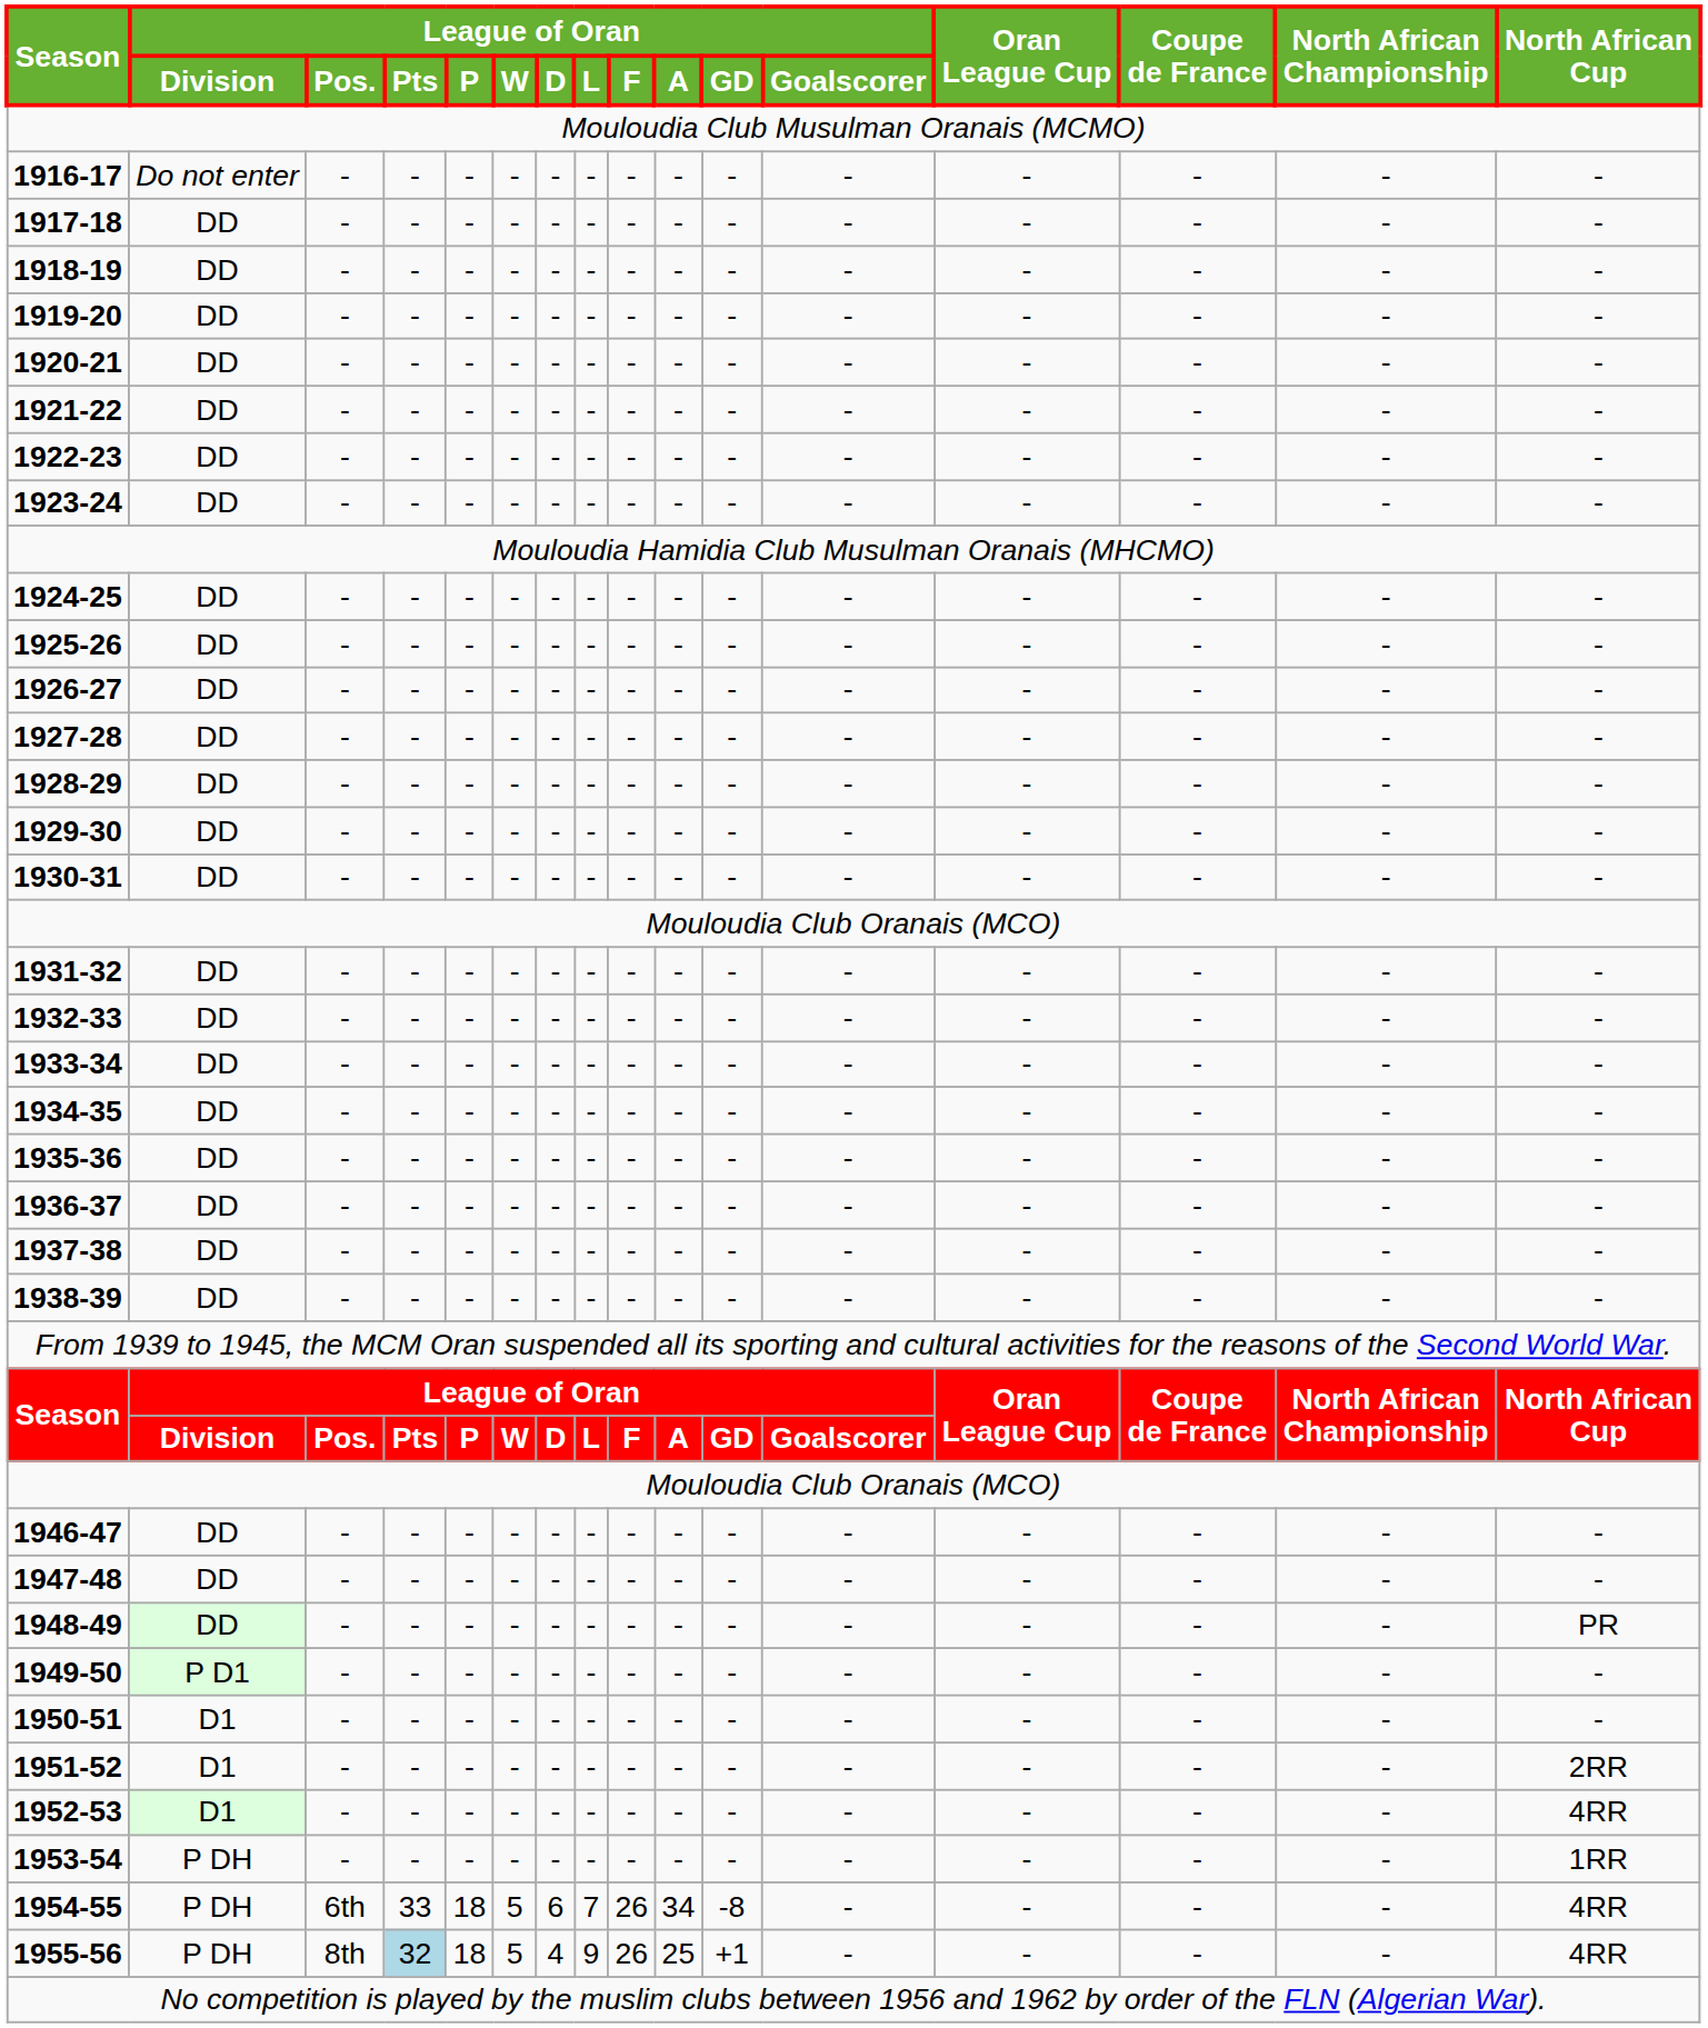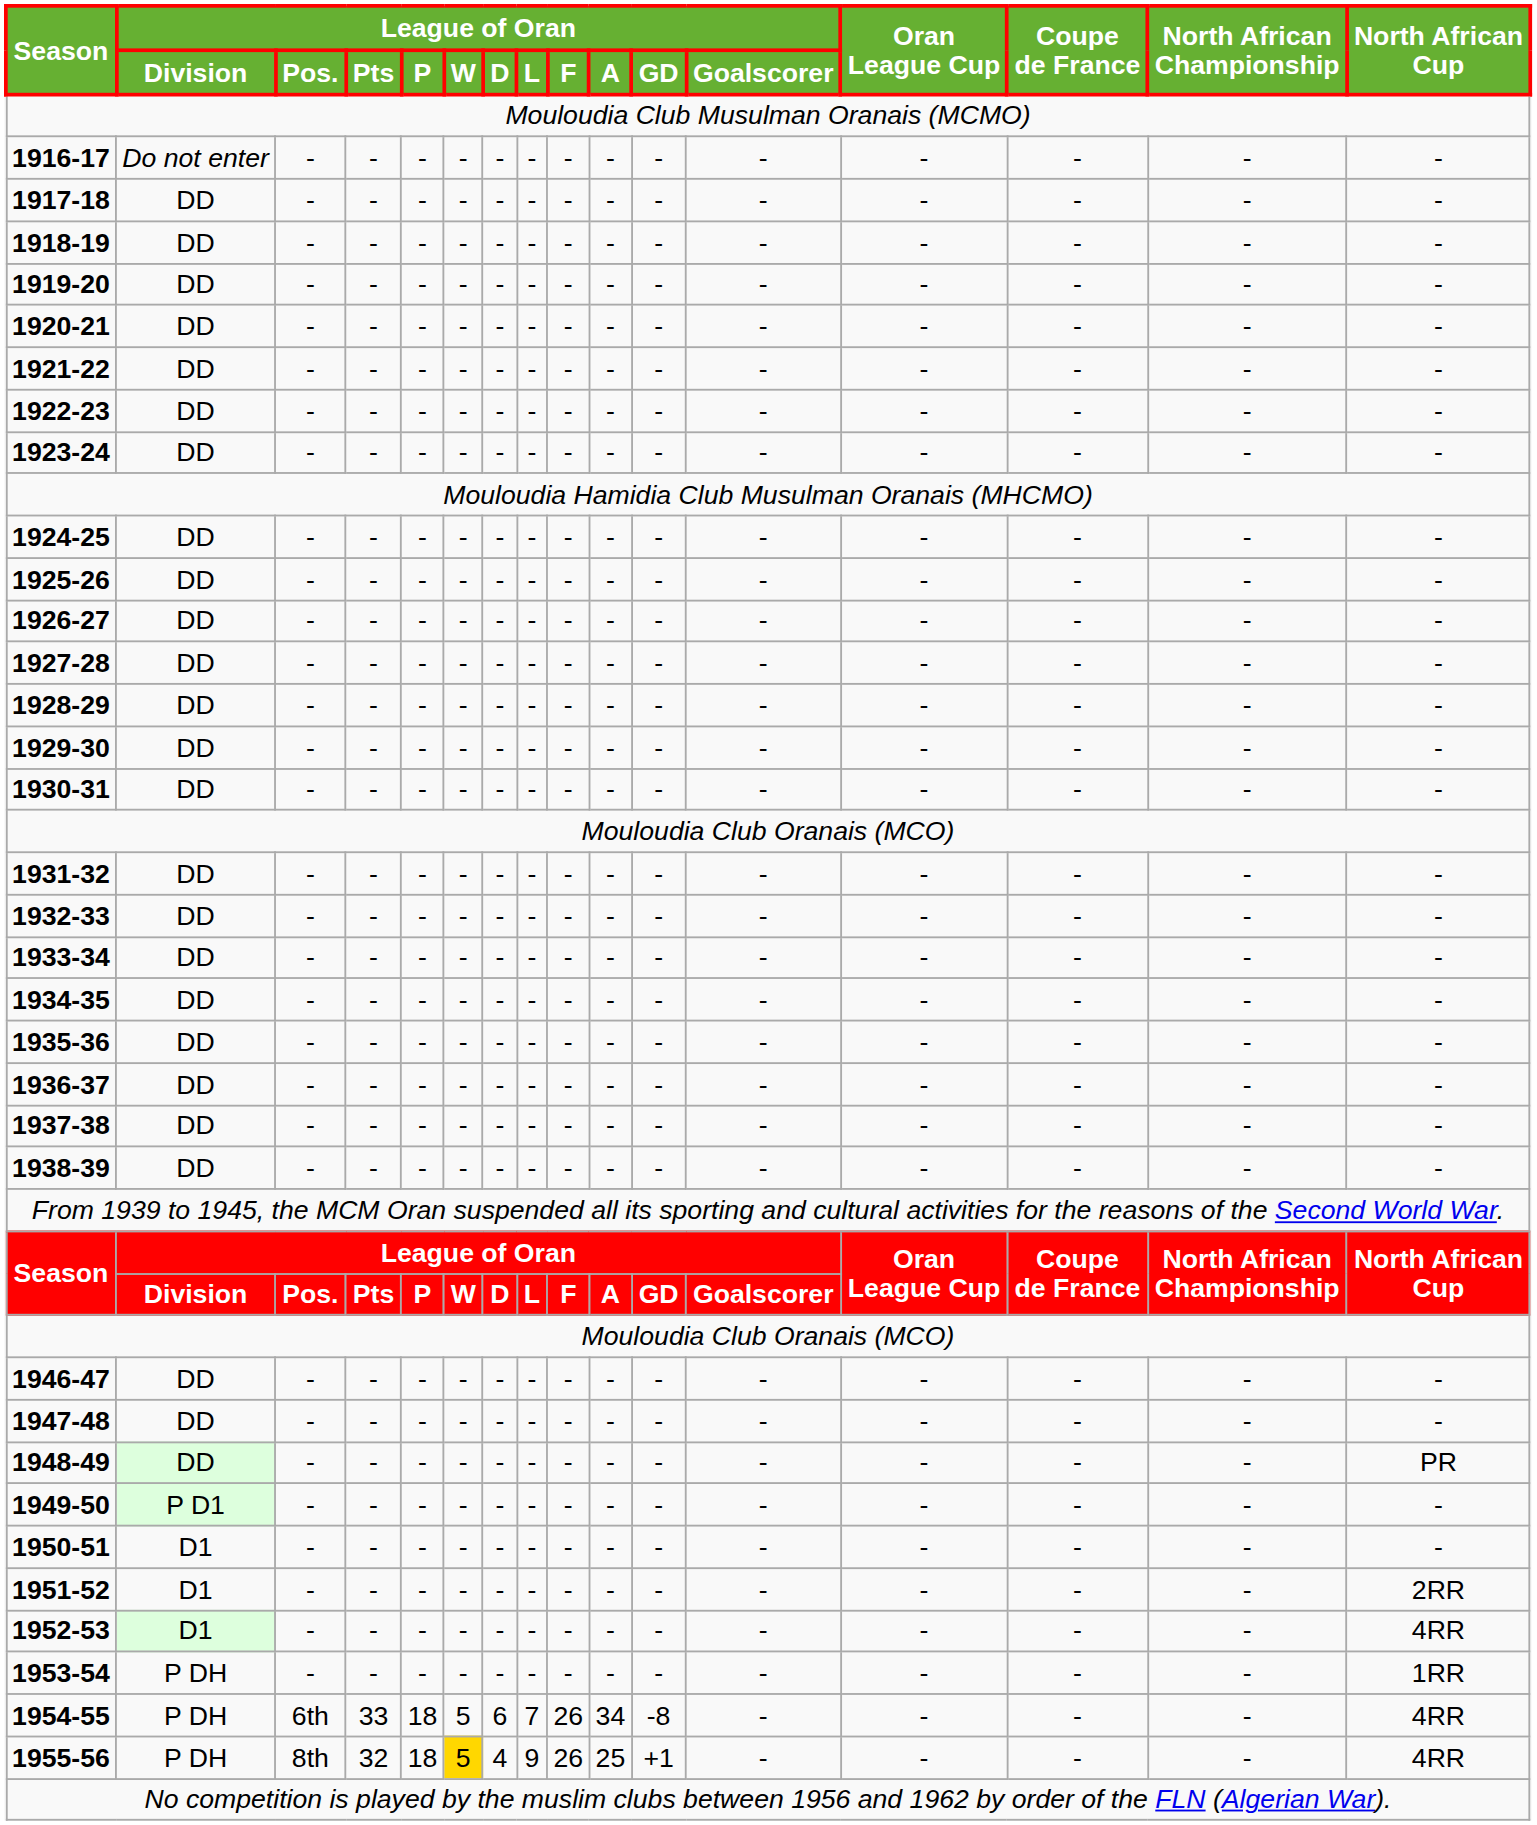 <table class="wikitable center" style="font-size:90%; text-align: center">
 <tr>
 <th rowspan=2 style="border:#FF0000 2px solid; background:#66B032; color:white;">Season</th>
 <th colspan=11 style="border:#FF0000 2px solid; background:#66B032; color:white;">League of Oran</th>
 <th rowspan=2 style="border:#FF0000 2px solid; background:#66B032; color:white;">Oran<br>League Cup</th>
 <th rowspan=2 style="border:#FF0000 2px solid; background:#66B032; color:white;">Coupe<br>de France</th>
 <th rowspan=2 style="border:#FF0000 2px solid; background:#66B032; color:white;">North African<br>Championship</th>
 <th rowspan=2 style="border:#FF0000 2px solid; background:#66B032; color:white;">North African<br>Cup</th>
 </tr>
 <tr>
 <th style="border:#FF0000 2px solid; background:#66B032; color:white;">Division</th>
 <th style="border:#FF0000 2px solid; background:#66B032; color:white;">Pos.</th>
 <th style="border:#FF0000 2px solid; background:#66B032; color:white;">Pts</th>
 <th style="border:#FF0000 2px solid; background:#66B032; color:white;">P</th>
 <th style="border:#FF0000 2px solid; background:#66B032; color:white;">W</th>
 <th style="border:#FF0000 2px solid; background:#66B032; color:white;">D</th>
 <th style="border:#FF0000 2px solid; background:#66B032; color:white;">L</th>
 <th style="border:#FF0000 2px solid; background:#66B032; color:white;">F</th>
 <th style="border:#FF0000 2px solid; background:#66B032; color:white;">A</th>
 <th style="border:#FF0000 2px solid; background:#66B032; color:white;">GD</th>
 <th style="border:#FF0000 2px solid; background:#66B032; color:white;">Goalscorer</th>
 </tr>
 <tr>
 <td colspan=16><em>Mouloudia Club Musulman Oranais (MCMO)</em></td>
 </tr>
 <tr>
 <td><strong>1916-17</strong></td>
 <td><em>Do not enter</em> </td>
 <td>-</td>
 <td>-</td>
 <td>-</td>
 <td>-</td>
 <td>-</td>
 <td>-</td>
 <td>-</td>
 <td>-</td>
 <td>-</td>
 <td>-</td>
 <td>-</td>
 <td>-</td>
 <td>-</td>
 <td>-</td>
 </tr>
 <tr>
 <td><strong>1917-18</strong></td>
 <td>DD </td>
 <td>-</td>
 <td>-</td>
 <td>-</td>
 <td>-</td>
 <td>-</td>
 <td>-</td>
 <td>-</td>
 <td>-</td>
 <td>-</td>
 <td>-</td>
 <td>-</td>
 <td>-</td>
 <td>-</td>
 <td>-</td>
 </tr>
 <tr>
 <td><strong>1918-19</strong></td>
 <td>DD </td>
 <td>-</td>
 <td>-</td>
 <td>-</td>
 <td>-</td>
 <td>-</td>
 <td>-</td>
 <td>-</td>
 <td>-</td>
 <td>-</td>
 <td>-</td>
 <td>-</td>
 <td>-</td>
 <td>-</td>
 <td>-</td>
 </tr>
 <tr>
 <td><strong>1919-20</strong></td>
 <td>DD </td>
 <td>-</td>
 <td>-</td>
 <td>-</td>
 <td>-</td>
 <td>-</td>
 <td>-</td>
 <td>-</td>
 <td>-</td>
 <td>-</td>
 <td>-</td>
 <td>-</td>
 <td>-</td>
 <td>-</td>
 <td>-</td>
 </tr>
 <tr>
 <td><strong>1920-21</strong></td>
 <td>DD </td>
 <td>-</td>
 <td>-</td>
 <td>-</td>
 <td>-</td>
 <td>-</td>
 <td>-</td>
 <td>-</td>
 <td>-</td>
 <td>-</td>
 <td>-</td>
 <td>-</td>
 <td>-</td>
 <td>-</td>
 <td>-</td>
 </tr>
 <tr>
 <td><strong>1921-22</strong></td>
 <td>DD </td>
 <td>-</td>
 <td>-</td>
 <td>-</td>
 <td>-</td>
 <td>-</td>
 <td>-</td>
 <td>-</td>
 <td>-</td>
 <td>-</td>
 <td>-</td>
 <td>-</td>
 <td>-</td>
 <td>-</td>
 <td>-</td>
 </tr>
 <tr>
 <td><strong>1922-23</strong></td>
 <td>DD </td>
 <td>-</td>
 <td>-</td>
 <td>-</td>
 <td>-</td>
 <td>-</td>
 <td>-</td>
 <td>-</td>
 <td>-</td>
 <td>-</td>
 <td>-</td>
 <td>-</td>
 <td>-</td>
 <td>-</td>
 <td>-</td>
 </tr>
 <tr>
 <td><strong>1923-24</strong></td>
 <td>DD </td>
 <td>-</td>
 <td>-</td>
 <td>-</td>
 <td>-</td>
 <td>-</td>
 <td>-</td>
 <td>-</td>
 <td>-</td>
 <td>-</td>
 <td>-</td>
 <td>-</td>
 <td>-</td>
 <td>-</td>
 <td>-</td>
 </tr>
 <tr>
 <td colspan=16><em>Mouloudia Hamidia Club Musulman Oranais (MHCMO)</em></td>
 </tr>
 <tr>
 <td><strong>1924-25</strong></td>
 <td>DD </td>
 <td>-</td>
 <td>-</td>
 <td>-</td>
 <td>-</td>
 <td>-</td>
 <td>-</td>
 <td>-</td>
 <td>-</td>
 <td>-</td>
 <td>-</td>
 <td>-</td>
 <td>-</td>
 <td>-</td>
 <td>-</td>
 </tr>
 <tr>
 <td><strong>1925-26</strong></td>
 <td>DD </td>
 <td>-</td>
 <td>-</td>
 <td>-</td>
 <td>-</td>
 <td>-</td>
 <td>-</td>
 <td>-</td>
 <td>-</td>
 <td>-</td>
 <td>-</td>
 <td>-</td>
 <td>-</td>
 <td>-</td>
 <td>-</td>
 </tr>
 <tr>
 <td><strong>1926-27</strong></td>
 <td>DD </td>
 <td>-</td>
 <td>-</td>
 <td>-</td>
 <td>-</td>
 <td>-</td>
 <td>-</td>
 <td>-</td>
 <td>-</td>
 <td>-</td>
 <td>-</td>
 <td>-</td>
 <td>-</td>
 <td>-</td>
 <td>-</td>
 </tr>
 <tr>
 <td><strong>1927-28</strong></td>
 <td>DD </td>
 <td>-</td>
 <td>-</td>
 <td>-</td>
 <td>-</td>
 <td>-</td>
 <td>-</td>
 <td>-</td>
 <td>-</td>
 <td>-</td>
 <td>-</td>
 <td>-</td>
 <td>-</td>
 <td>-</td>
 <td>-</td>
 </tr>
 <tr>
 <td><strong>1928-29</strong></td>
 <td>DD </td>
 <td>-</td>
 <td>-</td>
 <td>-</td>
 <td>-</td>
 <td>-</td>
 <td>-</td>
 <td>-</td>
 <td>-</td>
 <td>-</td>
 <td>-</td>
 <td>-</td>
 <td>-</td>
 <td>-</td>
 <td>-</td>
 </tr>
 <tr>
 <td><strong>1929-30</strong></td>
 <td>DD </td>
 <td>-</td>
 <td>-</td>
 <td>-</td>
 <td>-</td>
 <td>-</td>
 <td>-</td>
 <td>-</td>
 <td>-</td>
 <td>-</td>
 <td>-</td>
 <td>-</td>
 <td>-</td>
 <td>-</td>
 <td>-</td>
 </tr>
 <tr>
 <td><strong>1930-31</strong></td>
 <td>DD </td>
 <td>-</td>
 <td>-</td>
 <td>-</td>
 <td>-</td>
 <td>-</td>
 <td>-</td>
 <td>-</td>
 <td>-</td>
 <td>-</td>
 <td>-</td>
 <td>-</td>
 <td>-</td>
 <td>-</td>
 <td>-</td>
 </tr>
 <tr>
 <td colspan=16><em>Mouloudia Club Oranais (MCO)</em></td>
 </tr>
 <tr>
 <td><strong>1931-32</strong></td>
 <td>DD </td>
 <td>-</td>
 <td>-</td>
 <td>-</td>
 <td>-</td>
 <td>-</td>
 <td>-</td>
 <td>-</td>
 <td>-</td>
 <td>-</td>
 <td>-</td>
 <td>-</td>
 <td>-</td>
 <td>-</td>
 <td>-</td>
 </tr>
 <tr>
 <td><strong>1932-33</strong></td>
 <td>DD </td>
 <td>-</td>
 <td>-</td>
 <td>-</td>
 <td>-</td>
 <td>-</td>
 <td>-</td>
 <td>-</td>
 <td>-</td>
 <td>-</td>
 <td>-</td>
 <td>-</td>
 <td>-</td>
 <td>-</td>
 <td>-</td>
 </tr>
 <tr>
 <td><strong>1933-34</strong></td>
 <td>DD </td>
 <td>-</td>
 <td>-</td>
 <td>-</td>
 <td>-</td>
 <td>-</td>
 <td>-</td>
 <td>-</td>
 <td>-</td>
 <td>-</td>
 <td>-</td>
 <td>-</td>
 <td>-</td>
 <td>-</td>
 <td>-</td>
 </tr>
 <tr>
 <td><strong>1934-35</strong></td>
 <td>DD </td>
 <td>-</td>
 <td>-</td>
 <td>-</td>
 <td>-</td>
 <td>-</td>
 <td>-</td>
 <td>-</td>
 <td>-</td>
 <td>-</td>
 <td>-</td>
 <td>-</td>
 <td>-</td>
 <td>-</td>
 <td>-</td>
 </tr>
 <tr>
 <td><strong>1935-36</strong></td>
 <td>DD </td>
 <td>-</td>
 <td>-</td>
 <td>-</td>
 <td>-</td>
 <td>-</td>
 <td>-</td>
 <td>-</td>
 <td>-</td>
 <td>-</td>
 <td>-</td>
 <td>-</td>
 <td>-</td>
 <td>-</td>
 <td>-</td>
 </tr>
 <tr>
 <td><strong>1936-37</strong></td>
 <td>DD </td>
 <td>-</td>
 <td>-</td>
 <td>-</td>
 <td>-</td>
 <td>-</td>
 <td>-</td>
 <td>-</td>
 <td>-</td>
 <td>-</td>
 <td>-</td>
 <td>-</td>
 <td>-</td>
 <td>-</td>
 <td>-</td>
 </tr>
 <tr>
 <td><strong>1937-38</strong></td>
 <td>DD </td>
 <td>-</td>
 <td>-</td>
 <td>-</td>
 <td>-</td>
 <td>-</td>
 <td>-</td>
 <td>-</td>
 <td>-</td>
 <td>-</td>
 <td>-</td>
 <td>-</td>
 <td>-</td>
 <td>-</td>
 <td>-</td>
 </tr>
 <tr>
 <td><strong>1938-39</strong></td>
 <td>DD </td>
 <td>-</td>
 <td>-</td>
 <td>-</td>
 <td>-</td>
 <td>-</td>
 <td>-</td>
 <td>-</td>
 <td>-</td>
 <td>-</td>
 <td>-</td>
 <td>-</td>
 <td>-</td>
 <td>-</td>
 <td>-</td>
 </tr>
 <tr>
 <td colspan=16><em>From 1939 to 1945, the MCM Oran suspended all its sporting and cultural activities for the reasons of the <a href='#'>Second World War</a>.</em></td>
 </tr>
 <tr>
 <th rowspan=2 style="color:#ffffff; background:#FF0000;">Season</th>
 <th colspan=11 style="color:#ffffff; background:#FF0000;">League of Oran</th>
 <th rowspan=2 style="color:#ffffff; background:#FF0000;">Oran<br>League Cup</th>
 <th rowspan=2 style="color:#ffffff; background:#FF0000;">Coupe<br>de France</th>
 <th rowspan=2 style="color:#ffffff; background:#FF0000;">North African<br>Championship</th>
 <th rowspan=2 style="color:#ffffff; background:#FF0000;">North African<br>Cup</th>
 </tr>
 <tr>
 <th style="color:#ffffff; background:#FF0000;">Division</th>
 <th style="color:#ffffff; background:#FF0000;">Pos.</th>
 <th style="color:#ffffff; background:#FF0000;">Pts</th>
 <th style="color:#ffffff; background:#FF0000;">P</th>
 <th style="color:#ffffff; background:#FF0000;">W</th>
 <th style="color:#ffffff; background:#FF0000;">D</th>
 <th style="color:#ffffff; background:#FF0000;">L</th>
 <th style="color:#ffffff; background:#FF0000;">F</th>
 <th style="color:#ffffff; background:#FF0000;">A</th>
 <th style="color:#ffffff; background:#FF0000;">GD</th>
 <th style="color:#ffffff; background:#FF0000;">Goalscorer</th>
 </tr>
 <tr>
 <td colspan=16><em>Mouloudia Club Oranais (MCO)</em></td>
 </tr>
 <tr>
 <td><strong>1946-47</strong></td>
 <td>DD </td>
 <td>-</td>
 <td>-</td>
 <td>-</td>
 <td>-</td>
 <td>-</td>
 <td>-</td>
 <td>-</td>
 <td>-</td>
 <td>-</td>
 <td>-</td>
 <td>-</td>
 <td>-</td>
 <td>-</td>
 <td>-</td>
 </tr>
 <tr>
 <td><strong>1947-48</strong></td>
 <td>DD </td>
 <td>-</td>
 <td>-</td>
 <td>-</td>
 <td>-</td>
 <td>-</td>
 <td>-</td>
 <td>-</td>
 <td>-</td>
 <td>-</td>
 <td>-</td>
 <td>-</td>
 <td>-</td>
 <td>-</td>
 <td>-</td>
 </tr>
 <tr>
 <td><strong>1948-49</strong></td>
 <td bgcolor="DDFFDD">DD </td>
 <td>-</td>
 <td>-</td>
 <td>-</td>
 <td>-</td>
 <td>-</td>
 <td>-</td>
 <td>-</td>
 <td>-</td>
 <td>-</td>
 <td>-</td>
 <td>-</td>
 <td>-</td>
 <td>-</td>
 <td>PR</td>
 </tr>
 <tr>
 <td><strong>1949-50</strong></td>
 <td bgcolor="DDFFDD">P D1 </td>
 <td>-</td>
 <td>-</td>
 <td>-</td>
 <td>-</td>
 <td>-</td>
 <td>-</td>
 <td>-</td>
 <td>-</td>
 <td>-</td>
 <td>-</td>
 <td>-</td>
 <td>-</td>
 <td>-</td>
 <td>-</td>
 </tr>
 <tr>
 <td><strong>1950-51</strong></td>
 <td>D1 </td>
 <td>-</td>
 <td>-</td>
 <td>-</td>
 <td>-</td>
 <td>-</td>
 <td>-</td>
 <td>-</td>
 <td>-</td>
 <td>-</td>
 <td>-</td>
 <td>-</td>
 <td>-</td>
 <td>-</td>
 <td>-</td>
 </tr>
 <tr>
 <td><strong>1951-52</strong></td>
 <td>D1 </td>
 <td>-</td>
 <td>-</td>
 <td>-</td>
 <td>-</td>
 <td>-</td>
 <td>-</td>
 <td>-</td>
 <td>-</td>
 <td>-</td>
 <td>-</td>
 <td>-</td>
 <td>-</td>
 <td>-</td>
 <td>2RR</td>
 </tr>
 <tr>
 <td><strong>1952-53</strong></td>
 <td bgcolor="DDFFDD">D1 </td>
 <td>-</td>
 <td>-</td>
 <td>-</td>
 <td>-</td>
 <td>-</td>
 <td>-</td>
 <td>-</td>
 <td>-</td>
 <td>-</td>
 <td>-</td>
 <td>-</td>
 <td>-</td>
 <td>-</td>
 <td>4RR</td>
 </tr>
 <tr>
 <td><strong>1953-54</strong></td>
 <td>P DH </td>
 <td>-</td>
 <td>-</td>
 <td>-</td>
 <td>-</td>
 <td>-</td>
 <td>-</td>
 <td>-</td>
 <td>-</td>
 <td>-</td>
 <td>-</td>
 <td>-</td>
 <td>-</td>
 <td>-</td>
 <td>1RR</td>
 </tr>
 <tr>
 <td><strong>1954-55</strong></td>
 <td>P DH </td>
 <td>6th</td>
 <td>33</td>
 <td>18</td>
 <td>5</td>
 <td>6</td>
 <td>7</td>
 <td>26</td>
 <td>34</td>
 <td>-8</td>
 <td>-</td>
 <td>-</td>
 <td>-</td>
 <td>-</td>
 <td>4RR</td>
 </tr>
 <tr>
 <td><strong>1955-56</strong></td>
 <td>P DH </td>
 <td>8th</td>
-<td style="background: lightblue;">32</td>
+<td>32</td>
 <td>18</td>
-<td>5</td>
+<td style="background: gold;">5</td>
 <td>4</td>
 <td>9</td>
 <td>26</td>
 <td>25</td>
 <td>+1</td>
 <td>-</td>
 <td>-</td>
 <td>-</td>
 <td>-</td>
 <td>4RR</td>
 </tr>
 <tr>
 <td colspan=16><em>No competition is played by the muslim clubs between 1956 and 1962 by order of the <a href='#'>FLN</a> (<a href='#'>Algerian War</a>).</em></td>
 </tr>
 </table>
